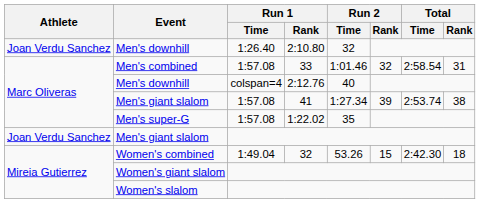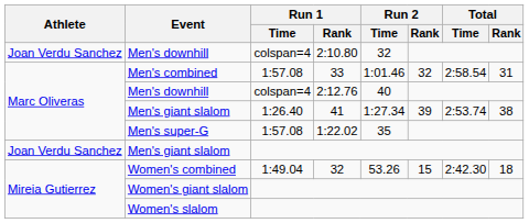 <table class="wikitable" style="font-size:90%">
 <tr>
 <th rowspan=2>Athlete</th>
 <th rowspan=2>Event</th>
 <th colspan=2>Run 1</th>
 <th colspan=2>Run 2</th>
 <th colspan=2>Total</th>
 </tr>
 <tr style="font-size:95%">
 <th>Time</th>
 <th>Rank</th>
 <th>Time</th>
 <th>Rank</th>
 <th>Time</th>
 <th>Rank</th>
 </tr>
 <tr align=center>
 <td align=left><a href='#'>Joan Verdu Sanchez</a></td>
 <td align=left><a href='#'>Men's downhill</a></td>
-<td>1:26.40</td>
+<td>colspan=4 </td>
 <td>2:10.80</td>
 <td>32</td>
 </tr>
 <tr align=center>
 <td align=left rowspan=4><a href='#'>Marc Oliveras</a></td>
 <td align=left><a href='#'>Men's combined</a></td>
 <td>1:57.08</td>
 <td>33</td>
 <td>1:01.46</td>
 <td>32</td>
 <td>2:58.54</td>
 <td>31</td>
 </tr>
 <tr align=center>
 <td align=left><a href='#'>Men's downhill</a></td>
 <td>colspan=4 </td>
 <td>2:12.76</td>
 <td>40</td>
 </tr>
 <tr align=center>
 <td align=left><a href='#'>Men's giant slalom</a></td>
-<td>1:57.08</td>
+<td>1:26.40</td>
 <td>41</td>
 <td>1:27.34</td>
 <td>39</td>
 <td>2:53.74</td>
 <td>38</td>
 </tr>
 <tr align=center>
 <td align=left><a href='#'>Men's super-G</a></td>
 <td>1:57.08</td>
 <td>1:22.02</td>
 <td>35</td>
 </tr>
 <tr align=center>
 <td align=left><a href='#'>Joan Verdu Sanchez</a></td>
 <td align=left><a href='#'>Men's giant slalom</a></td>
 <td colspan="6"></td>
 </tr>
 <tr align=center>
 <td align=left rowspan=3><a href='#'>Mireia Gutierrez</a></td>
 <td align=left><a href='#'>Women's combined</a></td>
 <td>1:49.04</td>
 <td>32</td>
 <td>53.26</td>
 <td>15</td>
 <td>2:42.30</td>
 <td>18</td>
 </tr>
 <tr align=center>
 <td align=left><a href='#'>Women's giant slalom</a></td>
 <td colspan=6></td>
 </tr>
 <tr align=center>
 <td align=left><a href='#'>Women's slalom</a></td>
 <td colspan=6></td>
 </tr>
 </table>
